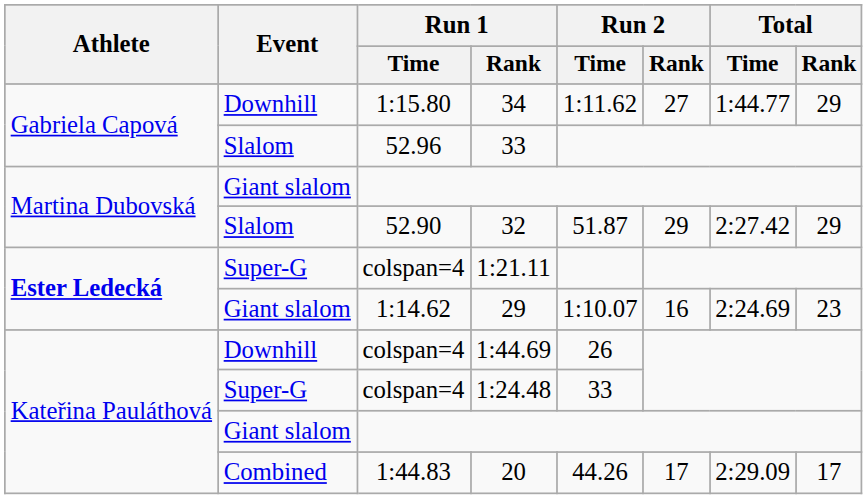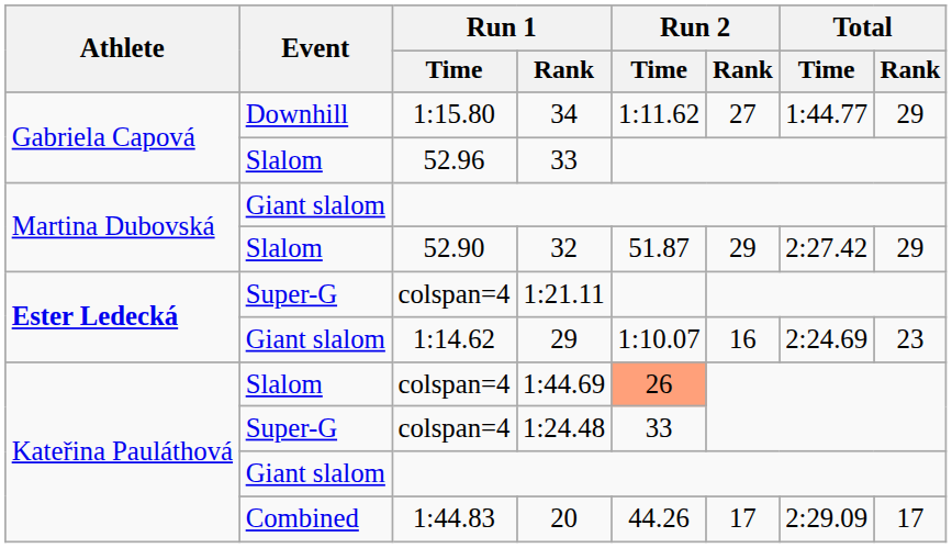 <table class="wikitable" style="font-size:90%">
 <tr>
 <th rowspan=2>Athlete</th>
 <th rowspan=2>Event</th>
 <th colspan=2>Run 1</th>
 <th colspan=2>Run 2</th>
 <th colspan=2>Total</th>
 </tr>
 <tr style="font-size:95%">
 <th>Time</th>
 <th>Rank</th>
 <th>Time</th>
 <th>Rank</th>
 <th>Time</th>
 <th>Rank</th>
 </tr>
 <tr align=center>
 <td align=left rowspan=2><a href='#'>Gabriela Capová</a></td>
 <td align=left><a href='#'>Downhill</a></td>
 <td>1:15.80</td>
 <td>34</td>
 <td>1:11.62</td>
 <td>27</td>
 <td>1:44.77</td>
 <td>29</td>
 </tr>
 <tr align=center>
 <td align=left><a href='#'>Slalom</a></td>
 <td>52.96</td>
 <td>33</td>
 <td colspan=4></td>
 </tr>
 <tr align=center>
 <td align=left rowspan=2><a href='#'>Martina Dubovská</a></td>
 <td align=left><a href='#'>Giant slalom</a></td>
 <td colspan=6></td>
 </tr>
 <tr align=center>
 <td align=left><a href='#'>Slalom</a></td>
 <td>52.90</td>
 <td>32</td>
 <td>51.87</td>
 <td>29</td>
 <td>2:27.42</td>
 <td>29</td>
 </tr>
 <tr align=center>
 <td align=left rowspan=2><strong><a href='#'>Ester Ledecká</a></strong></td>
 <td align=left><a href='#'>Super-G</a></td>
 <td>colspan=4</td>
 <td>1:21.11</td>
 <td></td>
 </tr>
 <tr align=center>
 <td align=left><a href='#'>Giant slalom</a></td>
 <td>1:14.62</td>
 <td>29</td>
 <td>1:10.07</td>
 <td>16</td>
 <td>2:24.69</td>
 <td>23</td>
 </tr>
 <tr align=center>
 <td align=left rowspan=4><a href='#'>Kateřina Pauláthová</a></td>
-<td align=left><a href='#'>Downhill</a></td>
+<td align=left><a href='#'>Slalom</a></td>
 <td>colspan=4</td>
 <td>1:44.69</td>
-<td>26</td>
+<td style="background: lightsalmon;">26</td>
 </tr>
 <tr align=center>
 <td align=left><a href='#'>Super-G</a></td>
 <td>colspan=4</td>
 <td>1:24.48</td>
 <td>33</td>
 </tr>
 <tr align=center>
 <td align=left><a href='#'>Giant slalom</a></td>
 <td colspan=6></td>
 </tr>
 <tr align=center>
 <td align=left><a href='#'>Combined</a></td>
 <td>1:44.83</td>
 <td>20</td>
 <td>44.26</td>
 <td>17</td>
 <td>2:29.09</td>
 <td>17</td>
 </tr>
 </table>
